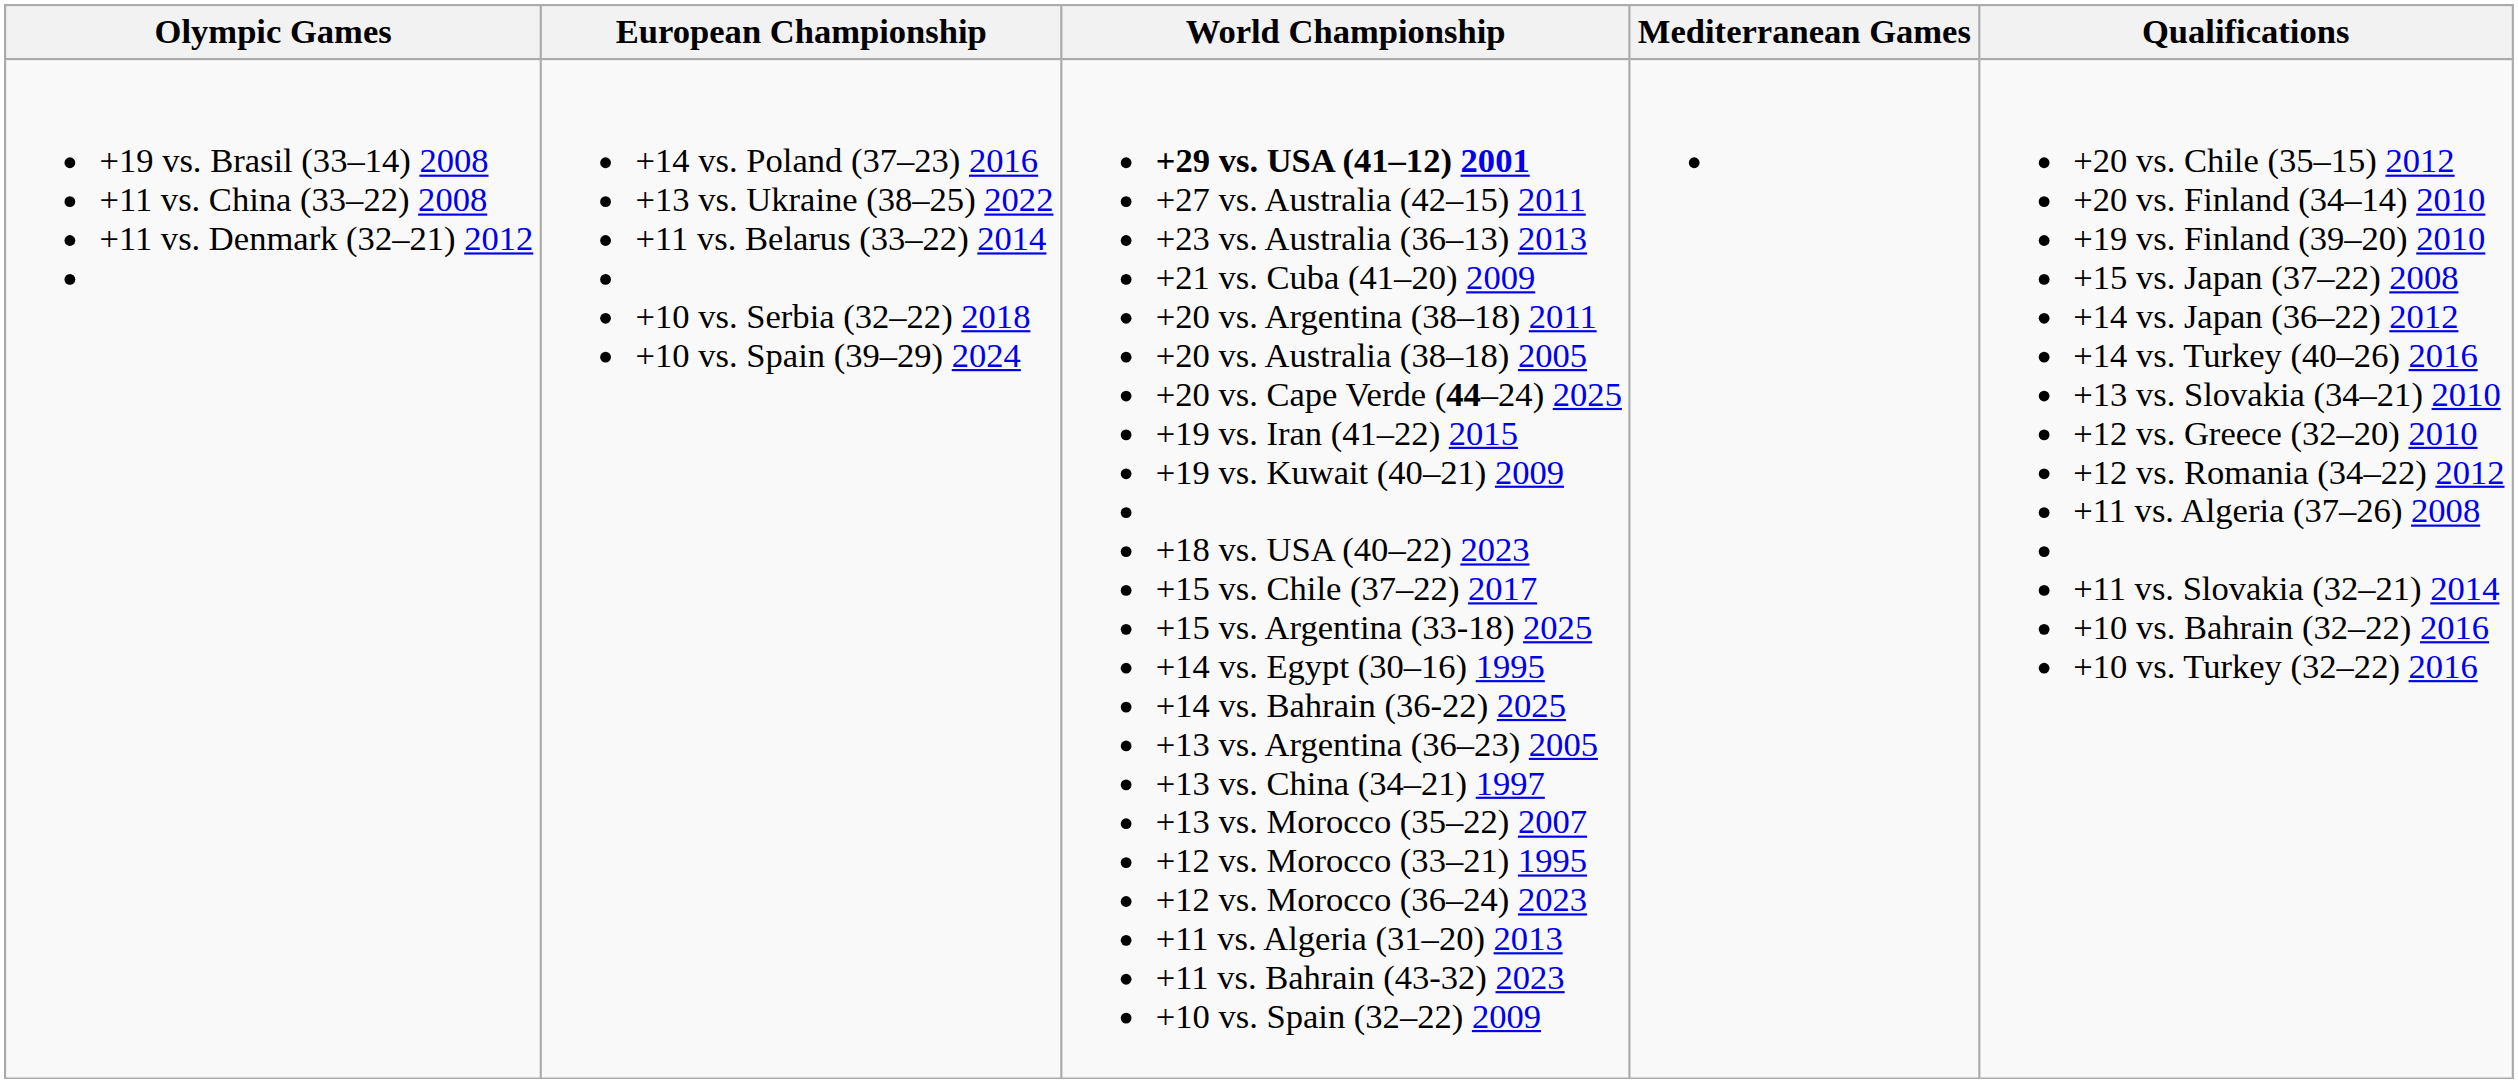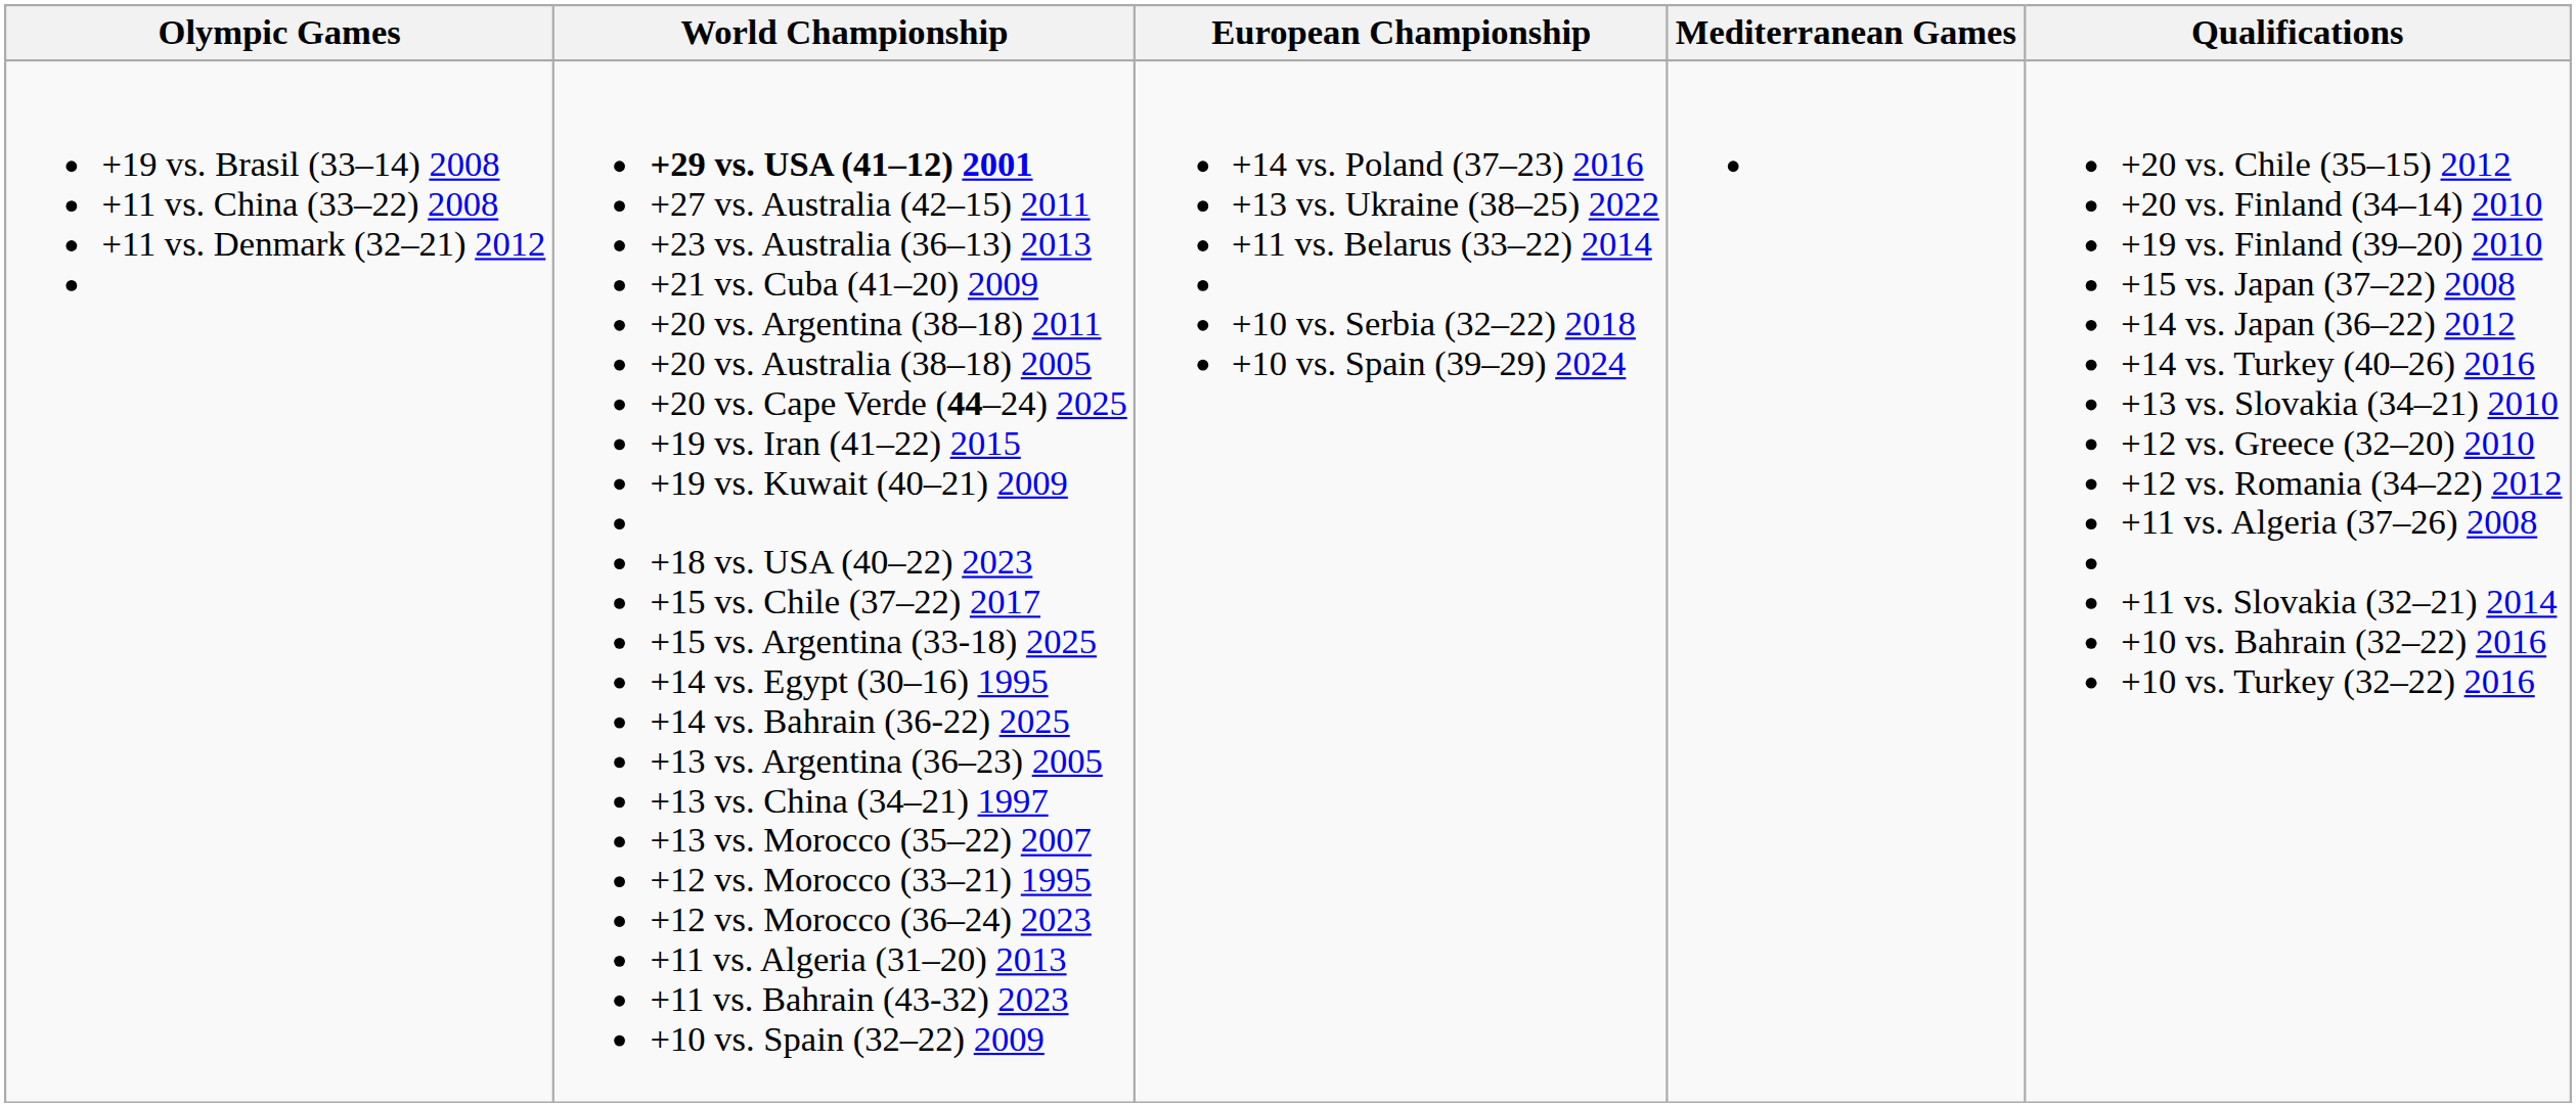 <table class="wikitable">
 <tr>
 <th>Olympic Games</th>
+<th>World Championship</th>
 <th>European Championship</th>
-<th>World Championship</th>
 <th>Mediterranean Games</th>
 <th>Qualifications</th>
 </tr>
 <tr style="vertical-align:top;">
 <td><br><ul><li>+19 vs. Brasil (33–14) <a href='#'>2008</a></li><li>+11 vs. China (33–22) <a href='#'>2008</a></li><li>+11 vs. Denmark (32–21) <a href='#'>2012</a></li><li></li></ul></td>
+<td><br><ul><li><strong>+29 vs. USA (41–12) <a href='#'>2001</a></strong></li><li>+27 vs. Australia (42–15) <a href='#'>2011</a></li><li>+23 vs. Australia (36–13) <a href='#'>2013</a></li><li>+21 vs. Cuba (41–20) <a href='#'>2009</a></li><li>+20 vs. Argentina (38–18) <a href='#'>2011</a></li><li>+20 vs. Australia (38–18) <a href='#'>2005</a></li><li>+20 vs. Cape Verde (<strong>44</strong>–24) <a href='#'>2025</a></li><li>+19 vs. Iran (41–22) <a href='#'>2015</a></li><li>+19 vs. Kuwait (40–21) <a href='#'>2009</a></li><li></li><li>+18 vs. USA (40–22) <a href='#'>2023</a></li><li>+15 vs. Chile (37–22) <a href='#'>2017</a></li><li>+15 vs. Argentina (33-18) <a href='#'>2025</a></li><li>+14 vs. Egypt (30–16) <a href='#'>1995</a></li><li>+14 vs. Bahrain (36-22) <a href='#'>2025</a></li><li>+13 vs. Argentina (36–23) <a href='#'>2005</a></li><li>+13 vs. China (34–21) <a href='#'>1997</a></li><li>+13 vs. Morocco (35–22) <a href='#'>2007</a></li><li>+12 vs. Morocco (33–21) <a href='#'>1995</a></li><li>+12 vs. Morocco (36–24) <a href='#'>2023</a></li><li>+11 vs. Algeria (31–20) <a href='#'>2013</a></li><li>+11 vs. Bahrain (43-32) <a href='#'>2023</a></li><li>+10 vs. Spain (32–22) <a href='#'>2009</a></li></ul></td>
 <td><br><ul><li>+14 vs. Poland (37–23) <a href='#'>2016</a></li><li>+13 vs. Ukraine (38–25) <a href='#'>2022</a></li><li>+11 vs. Belarus (33–22) <a href='#'>2014</a></li><li></li><li>+10 vs. Serbia (32–22) <a href='#'>2018</a></li><li>+10 vs. Spain (39–29) <a href='#'>2024</a></li></ul></td>
-<td><br><ul><li><strong>+29 vs. USA (41–12) <a href='#'>2001</a></strong></li><li>+27 vs. Australia (42–15) <a href='#'>2011</a></li><li>+23 vs. Australia (36–13) <a href='#'>2013</a></li><li>+21 vs. Cuba (41–20) <a href='#'>2009</a></li><li>+20 vs. Argentina (38–18) <a href='#'>2011</a></li><li>+20 vs. Australia (38–18) <a href='#'>2005</a></li><li>+20 vs. Cape Verde (<strong>44</strong>–24) <a href='#'>2025</a></li><li>+19 vs. Iran (41–22) <a href='#'>2015</a></li><li>+19 vs. Kuwait (40–21) <a href='#'>2009</a></li><li></li><li>+18 vs. USA (40–22) <a href='#'>2023</a></li><li>+15 vs. Chile (37–22) <a href='#'>2017</a></li><li>+15 vs. Argentina (33-18) <a href='#'>2025</a></li><li>+14 vs. Egypt (30–16) <a href='#'>1995</a></li><li>+14 vs. Bahrain (36-22) <a href='#'>2025</a></li><li>+13 vs. Argentina (36–23) <a href='#'>2005</a></li><li>+13 vs. China (34–21) <a href='#'>1997</a></li><li>+13 vs. Morocco (35–22) <a href='#'>2007</a></li><li>+12 vs. Morocco (33–21) <a href='#'>1995</a></li><li>+12 vs. Morocco (36–24) <a href='#'>2023</a></li><li>+11 vs. Algeria (31–20) <a href='#'>2013</a></li><li>+11 vs. Bahrain (43-32) <a href='#'>2023</a></li><li>+10 vs. Spain (32–22) <a href='#'>2009</a></li></ul></td>
 <td><br><ul><li></li></ul></td>
 <td><br><ul><li>+20 vs. Chile (35–15) <a href='#'>2012</a></li><li>+20 vs. Finland (34–14) <a href='#'>2010</a></li><li>+19 vs. Finland (39–20) <a href='#'>2010</a></li><li>+15 vs. Japan (37–22) <a href='#'>2008</a></li><li>+14 vs. Japan (36–22) <a href='#'>2012</a></li><li>+14 vs. Turkey (40–26) <a href='#'>2016</a></li><li>+13 vs. Slovakia (34–21) <a href='#'>2010</a></li><li>+12 vs. Greece (32–20) <a href='#'>2010</a></li><li>+12 vs. Romania (34–22) <a href='#'>2012</a></li><li>+11 vs. Algeria (37–26) <a href='#'>2008</a></li><li></li><li>+11 vs. Slovakia (32–21) <a href='#'>2014</a></li><li>+10 vs. Bahrain (32–22) <a href='#'>2016</a></li><li>+10 vs. Turkey (32–22) <a href='#'>2016</a></li></ul></td>
 </tr>
 </table>
